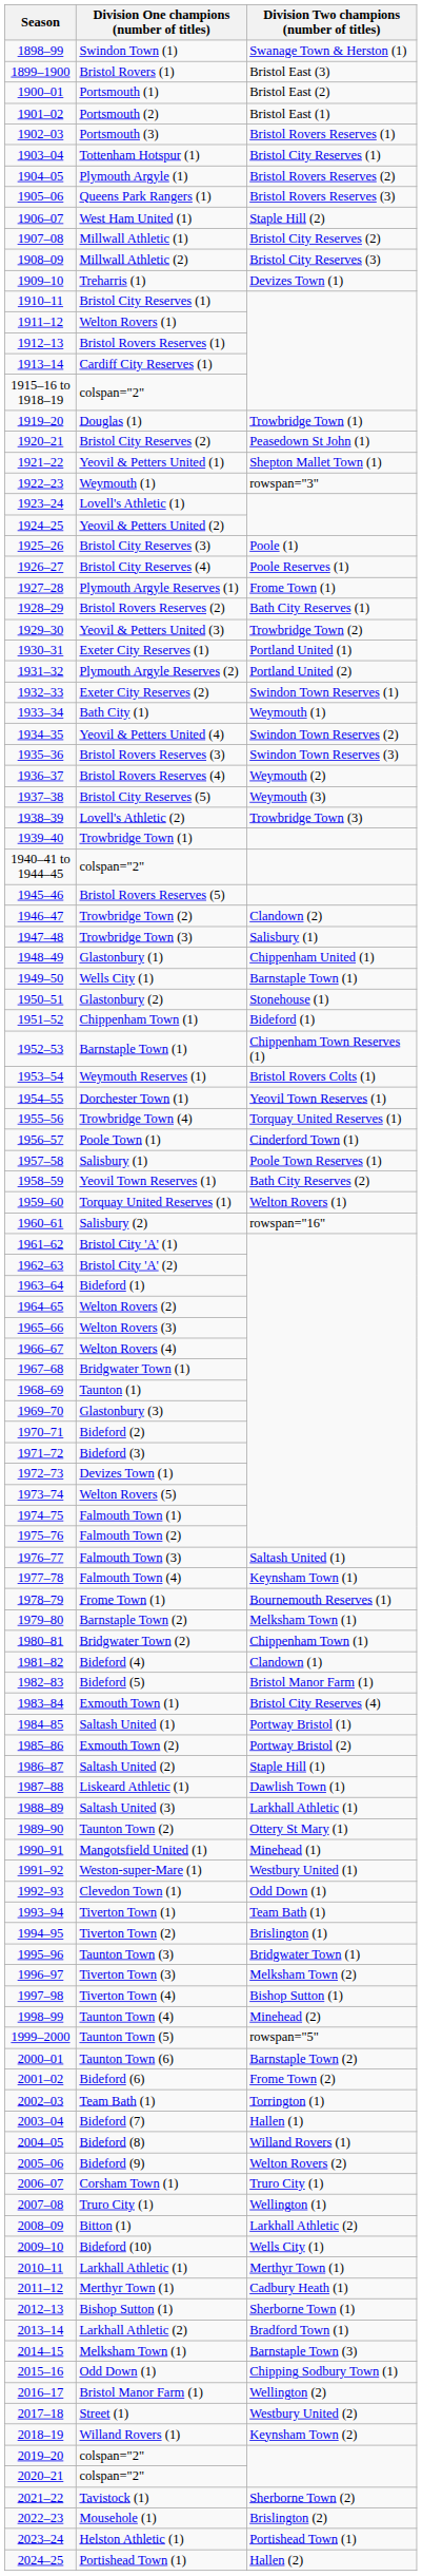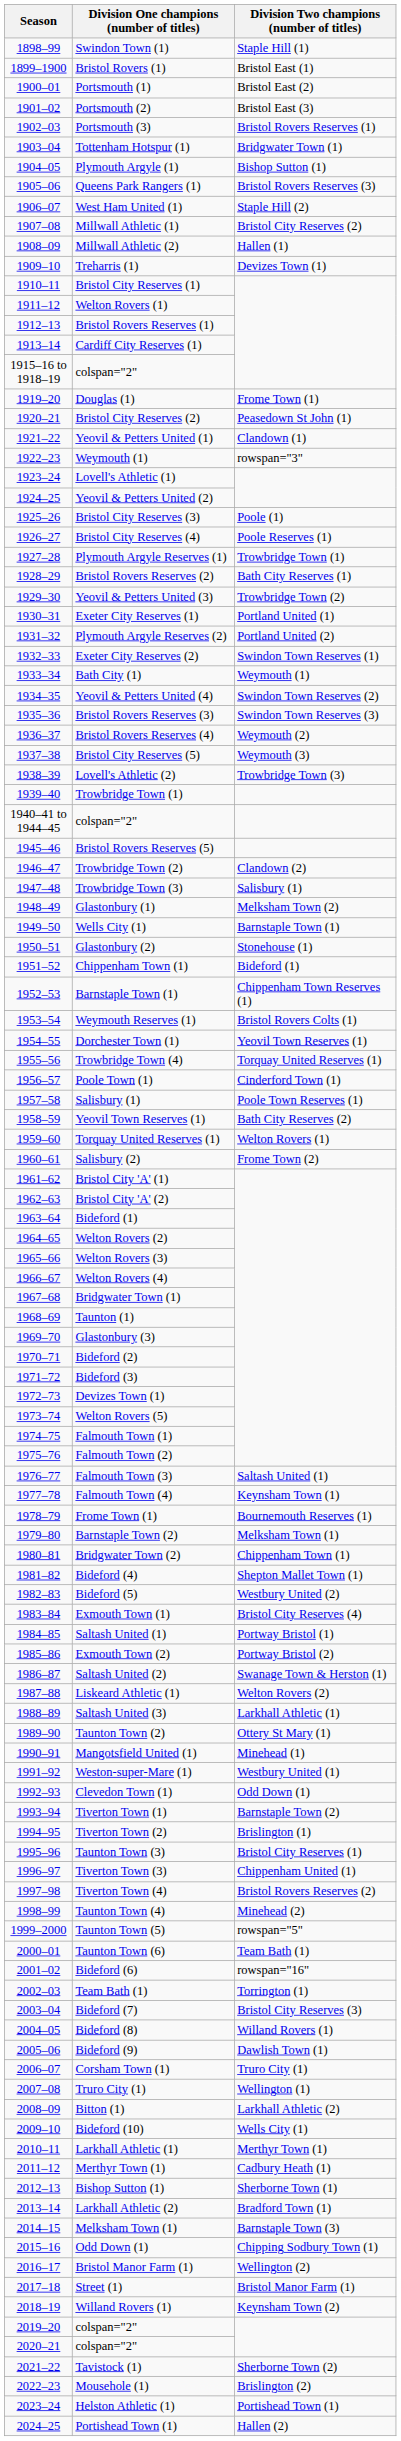 <table class="wikitable sortable">
 <tr>
 <th width="80">Season</th>
 <th width="200">Division One champions (number of titles)</th>
 <th width="200">Division Two champions (number of titles)</th>
 </tr>
 <tr>
 <td align="center"><a href='#'>1898–99</a></td>
 <td><a href='#'>Swindon Town</a> (1)</td>
-<td><a href='#'>Swanage Town & Herston</a> (1)</td>
+<td><a href='#'>Staple Hill</a> (1)</td>
 </tr>
 <tr>
 <td align="center"><a href='#'>1899–1900</a></td>
 <td><a href='#'>Bristol Rovers</a> (1)</td>
-<td>Bristol East (3)</td>
+<td>Bristol East (1)</td>
 </tr>
 <tr>
 <td align="center"><a href='#'>1900–01</a></td>
 <td><a href='#'>Portsmouth</a> (1)</td>
 <td>Bristol East (2)</td>
 </tr>
 <tr>
 <td align="center"><a href='#'>1901–02</a></td>
 <td><a href='#'>Portsmouth</a> (2)</td>
-<td>Bristol East (1)</td>
+<td>Bristol East (3)</td>
 </tr>
 <tr>
 <td align="center"><a href='#'>1902–03</a></td>
 <td><a href='#'>Portsmouth</a> (3)</td>
 <td><a href='#'>Bristol Rovers Reserves</a> (1)</td>
 </tr>
 <tr>
 <td align="center"><a href='#'>1903–04</a></td>
 <td><a href='#'>Tottenham Hotspur</a> (1)</td>
-<td><a href='#'>Bristol City Reserves</a> (1)</td>
+<td><a href='#'>Bridgwater Town</a> (1)</td>
 </tr>
 <tr>
 <td align="center"><a href='#'>1904–05</a></td>
 <td><a href='#'>Plymouth Argyle</a> (1)</td>
-<td><a href='#'>Bristol Rovers Reserves</a> (2)</td>
+<td><a href='#'>Bishop Sutton</a> (1)</td>
 </tr>
 <tr>
 <td align="center"><a href='#'>1905–06</a></td>
 <td><a href='#'>Queens Park Rangers</a> (1)</td>
 <td><a href='#'>Bristol Rovers Reserves</a> (3)</td>
 </tr>
 <tr>
 <td align="center"><a href='#'>1906–07</a></td>
 <td><a href='#'>West Ham United</a> (1)</td>
 <td><a href='#'>Staple Hill</a> (2)</td>
 </tr>
 <tr>
 <td align="center"><a href='#'>1907–08</a></td>
 <td><a href='#'>Millwall Athletic</a> (1)</td>
 <td><a href='#'>Bristol City Reserves</a> (2)</td>
 </tr>
 <tr>
 <td align="center"><a href='#'>1908–09</a></td>
 <td><a href='#'>Millwall Athletic</a> (2)</td>
-<td><a href='#'>Bristol City Reserves</a> (3)</td>
+<td><a href='#'>Hallen</a> (1)</td>
 </tr>
 <tr>
 <td align="center"><a href='#'>1909–10</a></td>
 <td><a href='#'>Treharris</a> (1)</td>
 <td><a href='#'>Devizes Town</a> (1)</td>
 </tr>
 <tr>
 <td align="center"><a href='#'>1910–11</a></td>
 <td><a href='#'>Bristol City Reserves</a> (1)</td>
 </tr>
 <tr>
 <td align="center"><a href='#'>1911–12</a></td>
 <td><a href='#'>Welton Rovers</a> (1)</td>
 </tr>
 <tr>
 <td align="center"><a href='#'>1912–13</a></td>
 <td><a href='#'>Bristol Rovers Reserves</a> (1)</td>
 </tr>
 <tr>
 <td align="center"><a href='#'>1913–14</a></td>
 <td><a href='#'>Cardiff City Reserves</a> (1)</td>
 </tr>
 <tr>
 <td align="center">1915–16 to 1918–19</td>
 <td>colspan="2" </td>
 </tr>
 <tr>
 <td align="center"><a href='#'>1919–20</a></td>
 <td><a href='#'>Douglas</a> (1)</td>
-<td><a href='#'>Trowbridge Town</a> (1)</td>
+<td><a href='#'>Frome Town</a> (1)</td>
 </tr>
 <tr>
 <td align="center"><a href='#'>1920–21</a></td>
 <td><a href='#'>Bristol City Reserves</a> (2)</td>
 <td><a href='#'>Peasedown St John</a> (1)</td>
 </tr>
 <tr>
 <td align="center"><a href='#'>1921–22</a></td>
 <td><a href='#'>Yeovil & Petters United</a> (1)</td>
-<td><a href='#'>Shepton Mallet Town</a> (1)</td>
+<td><a href='#'>Clandown</a> (1)</td>
 </tr>
 <tr>
 <td align="center"><a href='#'>1922–23</a></td>
 <td><a href='#'>Weymouth</a> (1)</td>
 <td>rowspan="3" </td>
 </tr>
 <tr>
 <td align="center"><a href='#'>1923–24</a></td>
 <td><a href='#'>Lovell's Athletic</a> (1)</td>
 </tr>
 <tr>
 <td align="center"><a href='#'>1924–25</a></td>
 <td><a href='#'>Yeovil & Petters United</a> (2)</td>
 </tr>
 <tr>
 <td align="center"><a href='#'>1925–26</a></td>
 <td><a href='#'>Bristol City Reserves</a> (3)</td>
 <td><a href='#'>Poole</a> (1)</td>
 </tr>
 <tr>
 <td align="center"><a href='#'>1926–27</a></td>
 <td><a href='#'>Bristol City Reserves</a> (4)</td>
 <td><a href='#'>Poole Reserves</a> (1)</td>
 </tr>
 <tr>
 <td align="center"><a href='#'>1927–28</a></td>
 <td><a href='#'>Plymouth Argyle Reserves</a> (1)</td>
-<td><a href='#'>Frome Town</a> (1)</td>
+<td><a href='#'>Trowbridge Town</a> (1)</td>
 </tr>
 <tr>
 <td align="center"><a href='#'>1928–29</a></td>
 <td><a href='#'>Bristol Rovers Reserves</a> (2)</td>
 <td><a href='#'>Bath City Reserves</a> (1)</td>
 </tr>
 <tr>
 <td align="center"><a href='#'>1929–30</a></td>
 <td><a href='#'>Yeovil & Petters United</a> (3)</td>
 <td><a href='#'>Trowbridge Town</a> (2)</td>
 </tr>
 <tr>
 <td align="center"><a href='#'>1930–31</a></td>
 <td><a href='#'>Exeter City Reserves</a> (1)</td>
 <td><a href='#'>Portland United</a> (1)</td>
 </tr>
 <tr>
 <td align="center"><a href='#'>1931–32</a></td>
 <td><a href='#'>Plymouth Argyle Reserves</a> (2)</td>
 <td><a href='#'>Portland United</a> (2)</td>
 </tr>
 <tr>
 <td align="center"><a href='#'>1932–33</a></td>
 <td><a href='#'>Exeter City Reserves</a> (2)</td>
 <td><a href='#'>Swindon Town Reserves</a> (1)</td>
 </tr>
 <tr>
 <td align="center"><a href='#'>1933–34</a></td>
 <td><a href='#'>Bath City</a> (1)</td>
 <td><a href='#'>Weymouth</a> (1)</td>
 </tr>
 <tr>
 <td align="center"><a href='#'>1934–35</a></td>
 <td><a href='#'>Yeovil & Petters United</a> (4)</td>
 <td><a href='#'>Swindon Town Reserves</a> (2)</td>
 </tr>
 <tr>
 <td align="center"><a href='#'>1935–36</a></td>
 <td><a href='#'>Bristol Rovers Reserves</a> (3)</td>
 <td><a href='#'>Swindon Town Reserves</a> (3)</td>
 </tr>
 <tr>
 <td align="center"><a href='#'>1936–37</a></td>
 <td><a href='#'>Bristol Rovers Reserves</a> (4)</td>
 <td><a href='#'>Weymouth</a> (2)</td>
 </tr>
 <tr>
 <td align="center"><a href='#'>1937–38</a></td>
 <td><a href='#'>Bristol City Reserves</a> (5)</td>
 <td><a href='#'>Weymouth</a> (3)</td>
 </tr>
 <tr>
 <td align="center"><a href='#'>1938–39</a></td>
 <td><a href='#'>Lovell's Athletic</a> (2)</td>
 <td><a href='#'>Trowbridge Town</a> (3)</td>
 </tr>
 <tr>
 <td align="center"><a href='#'>1939–40</a></td>
 <td><a href='#'>Trowbridge Town</a> (1)</td>
 <td></td>
 </tr>
 <tr>
 <td align="center">1940–41 to 1944–45</td>
 <td>colspan="2" </td>
 </tr>
 <tr>
 <td align="center"><a href='#'>1945–46</a></td>
 <td><a href='#'>Bristol Rovers Reserves</a> (5)</td>
 <td></td>
 </tr>
 <tr>
 <td align="center"><a href='#'>1946–47</a></td>
 <td><a href='#'>Trowbridge Town</a> (2)</td>
 <td><a href='#'>Clandown</a> (2)</td>
 </tr>
 <tr>
 <td align="center"><a href='#'>1947–48</a></td>
 <td><a href='#'>Trowbridge Town</a> (3)</td>
 <td><a href='#'>Salisbury</a> (1)</td>
 </tr>
 <tr>
 <td align="center"><a href='#'>1948–49</a></td>
 <td><a href='#'>Glastonbury</a> (1)</td>
-<td><a href='#'>Chippenham United</a> (1)</td>
+<td><a href='#'>Melksham Town</a> (2)</td>
 </tr>
 <tr>
 <td align="center"><a href='#'>1949–50</a></td>
 <td><a href='#'>Wells City</a> (1)</td>
 <td><a href='#'>Barnstaple Town</a> (1)</td>
 </tr>
 <tr>
 <td align="center"><a href='#'>1950–51</a></td>
 <td><a href='#'>Glastonbury</a> (2)</td>
 <td><a href='#'>Stonehouse</a> (1)</td>
 </tr>
 <tr>
 <td align="center"><a href='#'>1951–52</a></td>
 <td><a href='#'>Chippenham Town</a> (1)</td>
 <td><a href='#'>Bideford</a> (1)</td>
 </tr>
 <tr>
 <td align="center"><a href='#'>1952–53</a></td>
 <td><a href='#'>Barnstaple Town</a> (1)</td>
 <td><a href='#'>Chippenham Town Reserves</a> (1)</td>
 </tr>
 <tr>
 <td align="center"><a href='#'>1953–54</a></td>
 <td><a href='#'>Weymouth Reserves</a> (1)</td>
 <td><a href='#'>Bristol Rovers Colts</a> (1)</td>
 </tr>
 <tr>
 <td align="center"><a href='#'>1954–55</a></td>
 <td><a href='#'>Dorchester Town</a> (1)</td>
 <td><a href='#'>Yeovil Town Reserves</a> (1)</td>
 </tr>
 <tr>
 <td align="center"><a href='#'>1955–56</a></td>
 <td><a href='#'>Trowbridge Town</a> (4)</td>
 <td><a href='#'>Torquay United Reserves</a> (1)</td>
 </tr>
 <tr>
 <td align="center"><a href='#'>1956–57</a></td>
 <td><a href='#'>Poole Town</a> (1)</td>
 <td><a href='#'>Cinderford Town</a> (1)</td>
 </tr>
 <tr>
 <td align="center"><a href='#'>1957–58</a></td>
 <td><a href='#'>Salisbury</a> (1)</td>
 <td><a href='#'>Poole Town Reserves</a> (1)</td>
 </tr>
 <tr>
 <td align="center"><a href='#'>1958–59</a></td>
 <td><a href='#'>Yeovil Town Reserves</a> (1)</td>
 <td><a href='#'>Bath City Reserves</a> (2)</td>
 </tr>
 <tr>
 <td align="center"><a href='#'>1959–60</a></td>
 <td><a href='#'>Torquay United Reserves</a> (1)</td>
 <td><a href='#'>Welton Rovers</a> (1)</td>
 </tr>
 <tr>
 <td align="center"><a href='#'>1960–61</a></td>
 <td><a href='#'>Salisbury</a> (2)</td>
-<td>rowspan="16" </td>
+<td><a href='#'>Frome Town</a> (2)</td>
 </tr>
 <tr>
 <td align="center"><a href='#'>1961–62</a></td>
 <td><a href='#'>Bristol City 'A'</a> (1)</td>
 </tr>
 <tr>
 <td align="center"><a href='#'>1962–63</a></td>
 <td><a href='#'>Bristol City 'A'</a> (2)</td>
 </tr>
 <tr>
 <td align="center"><a href='#'>1963–64</a></td>
 <td><a href='#'>Bideford</a> (1)</td>
 </tr>
 <tr>
 <td align="center"><a href='#'>1964–65</a></td>
 <td><a href='#'>Welton Rovers</a> (2)</td>
 </tr>
 <tr>
 <td align="center"><a href='#'>1965–66</a></td>
 <td><a href='#'>Welton Rovers</a> (3)</td>
 </tr>
 <tr>
 <td align="center"><a href='#'>1966–67</a></td>
 <td><a href='#'>Welton Rovers</a> (4)</td>
 </tr>
 <tr>
 <td align="center"><a href='#'>1967–68</a></td>
 <td><a href='#'>Bridgwater Town</a> (1)</td>
 </tr>
 <tr>
 <td align="center"><a href='#'>1968–69</a></td>
 <td><a href='#'>Taunton</a> (1)</td>
 </tr>
 <tr>
 <td align="center"><a href='#'>1969–70</a></td>
 <td><a href='#'>Glastonbury</a> (3)</td>
 </tr>
 <tr>
 <td align="center"><a href='#'>1970–71</a></td>
 <td><a href='#'>Bideford</a> (2)</td>
 </tr>
 <tr>
 <td align="center"><a href='#'>1971–72</a></td>
 <td><a href='#'>Bideford</a> (3)</td>
 </tr>
 <tr>
 <td align="center"><a href='#'>1972–73</a></td>
 <td><a href='#'>Devizes Town</a> (1)</td>
 </tr>
 <tr>
 <td align="center"><a href='#'>1973–74</a></td>
 <td><a href='#'>Welton Rovers</a> (5)</td>
 </tr>
 <tr>
 <td align="center"><a href='#'>1974–75</a></td>
 <td><a href='#'>Falmouth Town</a> (1)</td>
 </tr>
 <tr>
 <td align="center"><a href='#'>1975–76</a></td>
 <td><a href='#'>Falmouth Town</a> (2)</td>
 </tr>
 <tr>
 <td align="center"><a href='#'>1976–77</a></td>
 <td><a href='#'>Falmouth Town</a> (3)</td>
 <td><a href='#'>Saltash United</a> (1)</td>
 </tr>
 <tr>
 <td align="center"><a href='#'>1977–78</a></td>
 <td><a href='#'>Falmouth Town</a> (4)</td>
 <td><a href='#'>Keynsham Town</a> (1)</td>
 </tr>
 <tr>
 <td align="center"><a href='#'>1978–79</a></td>
 <td><a href='#'>Frome Town</a> (1)</td>
 <td><a href='#'>Bournemouth Reserves</a> (1)</td>
 </tr>
 <tr>
 <td align="center"><a href='#'>1979–80</a></td>
 <td><a href='#'>Barnstaple Town</a> (2)</td>
 <td><a href='#'>Melksham Town</a> (1)</td>
 </tr>
 <tr>
 <td align="center"><a href='#'>1980–81</a></td>
 <td><a href='#'>Bridgwater Town</a> (2)</td>
 <td><a href='#'>Chippenham Town</a> (1)</td>
 </tr>
 <tr>
 <td align="center"><a href='#'>1981–82</a></td>
 <td><a href='#'>Bideford</a> (4)</td>
-<td><a href='#'>Clandown</a> (1)</td>
+<td><a href='#'>Shepton Mallet Town</a> (1)</td>
 </tr>
 <tr>
 <td align="center"><a href='#'>1982–83</a></td>
 <td><a href='#'>Bideford</a> (5)</td>
-<td><a href='#'>Bristol Manor Farm</a> (1)</td>
+<td><a href='#'>Westbury United</a> (2)</td>
 </tr>
 <tr>
 <td align="center"><a href='#'>1983–84</a></td>
 <td><a href='#'>Exmouth Town</a> (1)</td>
 <td><a href='#'>Bristol City Reserves</a> (4)</td>
 </tr>
 <tr>
 <td align="center"><a href='#'>1984–85</a></td>
 <td><a href='#'>Saltash United</a> (1)</td>
 <td><a href='#'>Portway Bristol</a> (1)</td>
 </tr>
 <tr>
 <td align="center"><a href='#'>1985–86</a></td>
 <td><a href='#'>Exmouth Town</a> (2)</td>
 <td><a href='#'>Portway Bristol</a> (2)</td>
 </tr>
 <tr>
 <td align="center"><a href='#'>1986–87</a></td>
 <td><a href='#'>Saltash United</a> (2)</td>
-<td><a href='#'>Staple Hill</a> (1)</td>
+<td><a href='#'>Swanage Town & Herston</a> (1)</td>
 </tr>
 <tr>
 <td align="center"><a href='#'>1987–88</a></td>
 <td><a href='#'>Liskeard Athletic</a> (1)</td>
-<td><a href='#'>Dawlish Town</a> (1)</td>
+<td><a href='#'>Welton Rovers</a> (2)</td>
 </tr>
 <tr>
 <td align="center"><a href='#'>1988–89</a></td>
 <td><a href='#'>Saltash United</a> (3)</td>
 <td><a href='#'>Larkhall Athletic</a> (1)</td>
 </tr>
 <tr>
 <td align="center"><a href='#'>1989–90</a></td>
 <td><a href='#'>Taunton Town</a> (2)</td>
 <td><a href='#'>Ottery St Mary</a> (1)</td>
 </tr>
 <tr>
 <td align="center"><a href='#'>1990–91</a></td>
 <td><a href='#'>Mangotsfield United</a> (1)</td>
 <td><a href='#'>Minehead</a> (1)</td>
 </tr>
 <tr>
 <td align="center"><a href='#'>1991–92</a></td>
 <td><a href='#'>Weston-super-Mare</a> (1)</td>
 <td><a href='#'>Westbury United</a> (1)</td>
 </tr>
 <tr>
 <td align="center"><a href='#'>1992–93</a></td>
 <td><a href='#'>Clevedon Town</a> (1)</td>
 <td><a href='#'>Odd Down</a> (1)</td>
 </tr>
 <tr>
 <td align="center"><a href='#'>1993–94</a></td>
 <td><a href='#'>Tiverton Town</a> (1)</td>
-<td><a href='#'>Team Bath</a> (1)</td>
+<td><a href='#'>Barnstaple Town</a> (2)</td>
 </tr>
 <tr>
 <td align="center"><a href='#'>1994–95</a></td>
 <td><a href='#'>Tiverton Town</a> (2)</td>
 <td><a href='#'>Brislington</a> (1)</td>
 </tr>
 <tr>
 <td align="center"><a href='#'>1995–96</a></td>
 <td><a href='#'>Taunton Town</a> (3)</td>
-<td><a href='#'>Bridgwater Town</a> (1)</td>
+<td><a href='#'>Bristol City Reserves</a> (1)</td>
 </tr>
 <tr>
 <td align="center"><a href='#'>1996–97</a></td>
 <td><a href='#'>Tiverton Town</a> (3)</td>
-<td><a href='#'>Melksham Town</a> (2)</td>
+<td><a href='#'>Chippenham United</a> (1)</td>
 </tr>
 <tr>
 <td align="center"><a href='#'>1997–98</a></td>
 <td><a href='#'>Tiverton Town</a> (4)</td>
-<td><a href='#'>Bishop Sutton</a> (1)</td>
+<td><a href='#'>Bristol Rovers Reserves</a> (2)</td>
 </tr>
 <tr>
 <td align="center"><a href='#'>1998–99</a></td>
 <td><a href='#'>Taunton Town</a> (4)</td>
 <td><a href='#'>Minehead</a> (2)</td>
 </tr>
 <tr>
 <td align="center"><a href='#'>1999–2000</a></td>
 <td><a href='#'>Taunton Town</a> (5)</td>
 <td>rowspan="5" </td>
 </tr>
 <tr>
 <td align="center"><a href='#'>2000–01</a></td>
 <td><a href='#'>Taunton Town</a> (6)</td>
-<td><a href='#'>Barnstaple Town</a> (2)</td>
+<td><a href='#'>Team Bath</a> (1)</td>
 </tr>
 <tr>
 <td align="center"><a href='#'>2001–02</a></td>
 <td><a href='#'>Bideford</a> (6)</td>
-<td><a href='#'>Frome Town</a> (2)</td>
+<td>rowspan="16" </td>
 </tr>
 <tr>
 <td align="center"><a href='#'>2002–03</a></td>
 <td><a href='#'>Team Bath</a> (1)</td>
 <td><a href='#'>Torrington</a> (1)</td>
 </tr>
 <tr>
 <td align="center"><a href='#'>2003–04</a></td>
 <td><a href='#'>Bideford</a> (7)</td>
-<td><a href='#'>Hallen</a> (1)</td>
+<td><a href='#'>Bristol City Reserves</a> (3)</td>
 </tr>
 <tr>
 <td align="center"><a href='#'>2004–05</a></td>
 <td><a href='#'>Bideford</a> (8)</td>
 <td><a href='#'>Willand Rovers</a> (1)</td>
 </tr>
 <tr>
 <td align="center"><a href='#'>2005–06</a></td>
 <td><a href='#'>Bideford</a> (9)</td>
-<td><a href='#'>Welton Rovers</a> (2)</td>
+<td><a href='#'>Dawlish Town</a> (1)</td>
 </tr>
 <tr>
 <td align="center"><a href='#'>2006–07</a></td>
 <td><a href='#'>Corsham Town</a> (1)</td>
 <td><a href='#'>Truro City</a> (1)</td>
 </tr>
 <tr>
 <td align="center"><a href='#'>2007–08</a></td>
 <td><a href='#'>Truro City</a> (1)</td>
 <td><a href='#'>Wellington</a> (1)</td>
 </tr>
 <tr>
 <td align="center"><a href='#'>2008–09</a></td>
 <td><a href='#'>Bitton</a> (1)</td>
 <td><a href='#'>Larkhall Athletic</a> (2)</td>
 </tr>
 <tr>
 <td align="center"><a href='#'>2009–10</a></td>
 <td><a href='#'>Bideford</a> (10)</td>
 <td><a href='#'>Wells City</a> (1)</td>
 </tr>
 <tr>
 <td align="center"><a href='#'>2010–11</a></td>
 <td><a href='#'>Larkhall Athletic</a> (1)</td>
 <td><a href='#'>Merthyr Town</a> (1)</td>
 </tr>
 <tr>
 <td align="center"><a href='#'>2011–12</a></td>
 <td><a href='#'>Merthyr Town</a> (1)</td>
 <td><a href='#'>Cadbury Heath</a> (1)</td>
 </tr>
 <tr>
 <td align="center"><a href='#'>2012–13</a></td>
 <td><a href='#'>Bishop Sutton</a> (1)</td>
 <td><a href='#'>Sherborne Town</a> (1)</td>
 </tr>
 <tr>
 <td align="center"><a href='#'>2013–14</a></td>
 <td><a href='#'>Larkhall Athletic</a> (2)</td>
 <td><a href='#'>Bradford Town</a> (1)</td>
 </tr>
 <tr>
 <td align="center"><a href='#'>2014–15</a></td>
 <td><a href='#'>Melksham Town</a> (1)</td>
 <td><a href='#'>Barnstaple Town</a> (3)</td>
 </tr>
 <tr>
 <td align="center"><a href='#'>2015–16</a></td>
 <td><a href='#'>Odd Down</a> (1)</td>
 <td><a href='#'>Chipping Sodbury Town</a> (1)</td>
 </tr>
 <tr>
 <td align="center"><a href='#'>2016–17</a></td>
 <td><a href='#'>Bristol Manor Farm</a> (1)</td>
 <td><a href='#'>Wellington</a> (2)</td>
 </tr>
 <tr>
 <td align="center"><a href='#'>2017–18</a></td>
 <td><a href='#'>Street</a> (1)</td>
-<td><a href='#'>Westbury United</a> (2)</td>
+<td><a href='#'>Bristol Manor Farm</a> (1)</td>
 </tr>
 <tr>
 <td align="center"><a href='#'>2018–19</a></td>
 <td><a href='#'>Willand Rovers</a> (1)</td>
 <td><a href='#'>Keynsham Town</a> (2)</td>
 </tr>
 <tr>
 <td align="center"><a href='#'>2019–20</a></td>
 <td>colspan="2" </td>
 </tr>
 <tr>
 <td align="center"><a href='#'>2020–21</a></td>
 <td>colspan="2" </td>
 </tr>
 <tr>
 <td align="center"><a href='#'>2021–22</a></td>
 <td><a href='#'>Tavistock</a> (1)</td>
 <td><a href='#'>Sherborne Town</a> (2)</td>
 </tr>
 <tr>
 <td align="center"><a href='#'>2022–23</a></td>
 <td><a href='#'>Mousehole</a> (1)</td>
 <td><a href='#'>Brislington</a> (2)</td>
 </tr>
 <tr>
 <td align="center"><a href='#'>2023–24</a></td>
 <td><a href='#'>Helston Athletic</a> (1)</td>
 <td><a href='#'>Portishead Town</a> (1)</td>
 </tr>
 <tr>
 <td align="center"><a href='#'>2024–25</a></td>
 <td><a href='#'>Portishead Town</a> (1)</td>
 <td><a href='#'>Hallen</a> (2)</td>
 </tr>
 </table>
